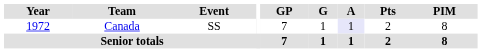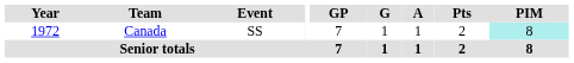 <table border="0" cellpadding="1" cellspacing="0" ID="Table3" style="text-align:center; width:40em">
 <tr bgcolor="#e0e0e0">
 <th>Year</th>
 <th>Team</th>
 <th>Event</th>
 <th rowspan="102" bgcolor="#ffffff"></th>
 <th>GP</th>
 <th>G</th>
 <th>A</th>
 <th>Pts</th>
 <th>PIM</th>
 </tr>
 <tr>
 <td><a href='#'>1972</a></td>
 <td><a href='#'>Canada</a></td>
 <td>SS</td>
 <td>7</td>
 <td>1</td>
-<td style="background: lavender;">1</td>
+<td>1</td>
 <td>2</td>
-<td>8</td>
+<td style="background: paleturquoise;">8</td>
 </tr>
 <tr bgcolor="#e0e0e0">
 <th colspan="4">Senior totals</th>
 <th>7</th>
 <th>1</th>
 <th>1</th>
 <th>2</th>
 <th>8</th>
 </tr>
 </table>
